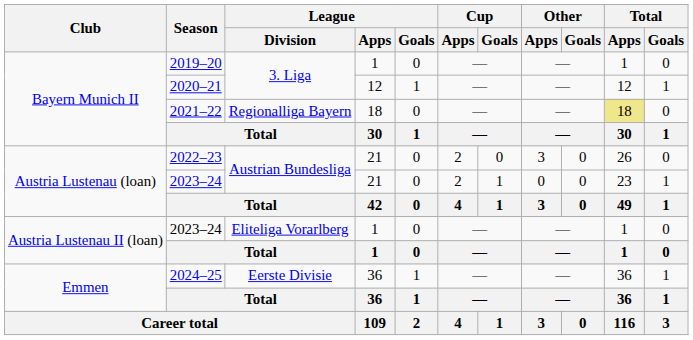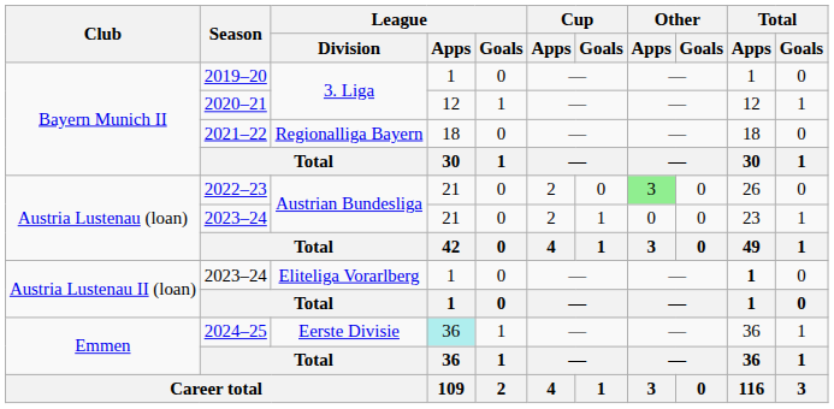 <table class="wikitable" style="text-align:center">
 <tr>
 <th rowspan="2">Club</th>
 <th rowspan="2">Season</th>
 <th colspan="3">League</th>
 <th colspan="2">Cup</th>
 <th colspan="2">Other</th>
 <th colspan="2">Total</th>
 </tr>
 <tr>
 <th>Division</th>
 <th>Apps</th>
 <th>Goals</th>
 <th>Apps</th>
 <th>Goals</th>
 <th>Apps</th>
 <th>Goals</th>
 <th>Apps</th>
 <th>Goals</th>
 </tr>
 <tr>
 <td rowspan="4"><a href='#'>Bayern Munich II</a></td>
 <td><a href='#'>2019–20</a></td>
 <td rowspan="2"><a href='#'>3. Liga</a></td>
 <td>1</td>
 <td>0</td>
 <td colspan="2">—</td>
 <td colspan="2">—</td>
 <td>1</td>
 <td>0</td>
 </tr>
 <tr>
 <td><a href='#'>2020–21</a></td>
 <td>12</td>
 <td>1</td>
 <td colspan="2">—</td>
 <td colspan="2">—</td>
 <td>12</td>
 <td>1</td>
 </tr>
 <tr>
 <td><a href='#'>2021–22</a></td>
 <td><a href='#'>Regionalliga Bayern</a></td>
 <td>18</td>
 <td>0</td>
 <td colspan="2">—</td>
 <td colspan="2">—</td>
-<td style="background: khaki;">18</td>
+<td>18</td>
 <td>0</td>
 </tr>
 <tr>
 <th colspan="2">Total</th>
 <th>30</th>
 <th>1</th>
 <th colspan="2">—</th>
 <th colspan="2">—</th>
 <th>30</th>
 <th>1</th>
 </tr>
 <tr>
 <td rowspan="3"><a href='#'>Austria Lustenau</a> (loan)</td>
 <td><a href='#'>2022–23</a></td>
 <td rowspan="2"><a href='#'>Austrian Bundesliga</a></td>
 <td>21</td>
 <td>0</td>
 <td>2</td>
 <td>0</td>
-<td>3</td>
+<td style="background: lightgreen;">3</td>
 <td>0</td>
 <td>26</td>
 <td>0</td>
 </tr>
 <tr>
 <td><a href='#'>2023–24</a></td>
 <td>21</td>
 <td>0</td>
 <td>2</td>
 <td>1</td>
 <td>0</td>
 <td>0</td>
 <td>23</td>
 <td>1</td>
 </tr>
 <tr>
 <th colspan="2">Total</th>
 <th>42</th>
 <th>0</th>
 <th>4</th>
 <th>1</th>
 <th>3</th>
 <th>0</th>
 <th>49</th>
 <th>1</th>
 </tr>
 <tr>
 <td rowspan="2"><a href='#'>Austria Lustenau II</a> (loan)</td>
 <td>2023–24</td>
 <td><a href='#'>Eliteliga Vorarlberg</a></td>
 <td>1</td>
 <td>0</td>
 <td colspan="2">—</td>
 <td colspan="2">—</td>
-<td>1</td>
+<td><strong>1</strong></td>
 <td>0</td>
 </tr>
 <tr>
 <th colspan="2">Total</th>
 <th>1</th>
 <th>0</th>
 <th colspan="2">—</th>
 <th colspan="2">—</th>
 <th>1</th>
 <th>0</th>
 </tr>
 <tr>
 <td rowspan="2"><a href='#'>Emmen</a></td>
 <td><a href='#'>2024–25</a></td>
 <td><a href='#'>Eerste Divisie</a></td>
-<td>36</td>
+<td style="background: paleturquoise;">36</td>
 <td>1</td>
 <td colspan="2">—</td>
 <td colspan="2">—</td>
 <td>36</td>
 <td>1</td>
 </tr>
 <tr>
 <th colspan="2">Total</th>
 <th>36</th>
 <th>1</th>
 <th colspan="2">—</th>
 <th colspan="2">—</th>
 <th>36</th>
 <th>1</th>
 </tr>
 <tr>
 <th colspan="3">Career total</th>
 <th>109</th>
 <th>2</th>
 <th>4</th>
 <th>1</th>
 <th>3</th>
 <th>0</th>
 <th>116</th>
 <th>3</th>
 </tr>
 </table>
